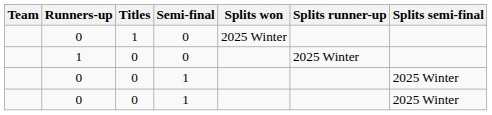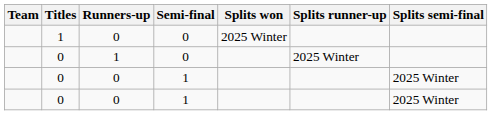 <table class="wikitable sortable">
 <tr>
 <th>Team</th>
+<th>Titles</th>
 <th>Runners-up</th>
-<th>Titles</th>
 <th>Semi-final</th>
 <th>Splits won</th>
 <th>Splits runner-up</th>
 <th>Splits semi-final</th>
 </tr>
 <tr>
 <td></td>
+<td align=center>1</td>
 <td align=center>0</td>
-<td align=center>1</td>
 <td align=center>0</td>
 <td>2025 Winter</td>
 <td></td>
 <td></td>
 </tr>
 <tr>
 <td></td>
+<td align=center>0</td>
 <td align=center>1</td>
-<td align=center>0</td>
 <td align=center>0</td>
 <td></td>
 <td>2025 Winter</td>
 <td></td>
 </tr>
 <tr>
 <td></td>
 <td align=center>0</td>
 <td align=center>0</td>
 <td align=center>1</td>
 <td></td>
 <td></td>
 <td>2025 Winter</td>
 </tr>
 <tr>
 <td></td>
 <td align=center>0</td>
 <td align=center>0</td>
 <td align=center>1</td>
 <td></td>
 <td></td>
 <td>2025 Winter</td>
 </tr>
 </table>
